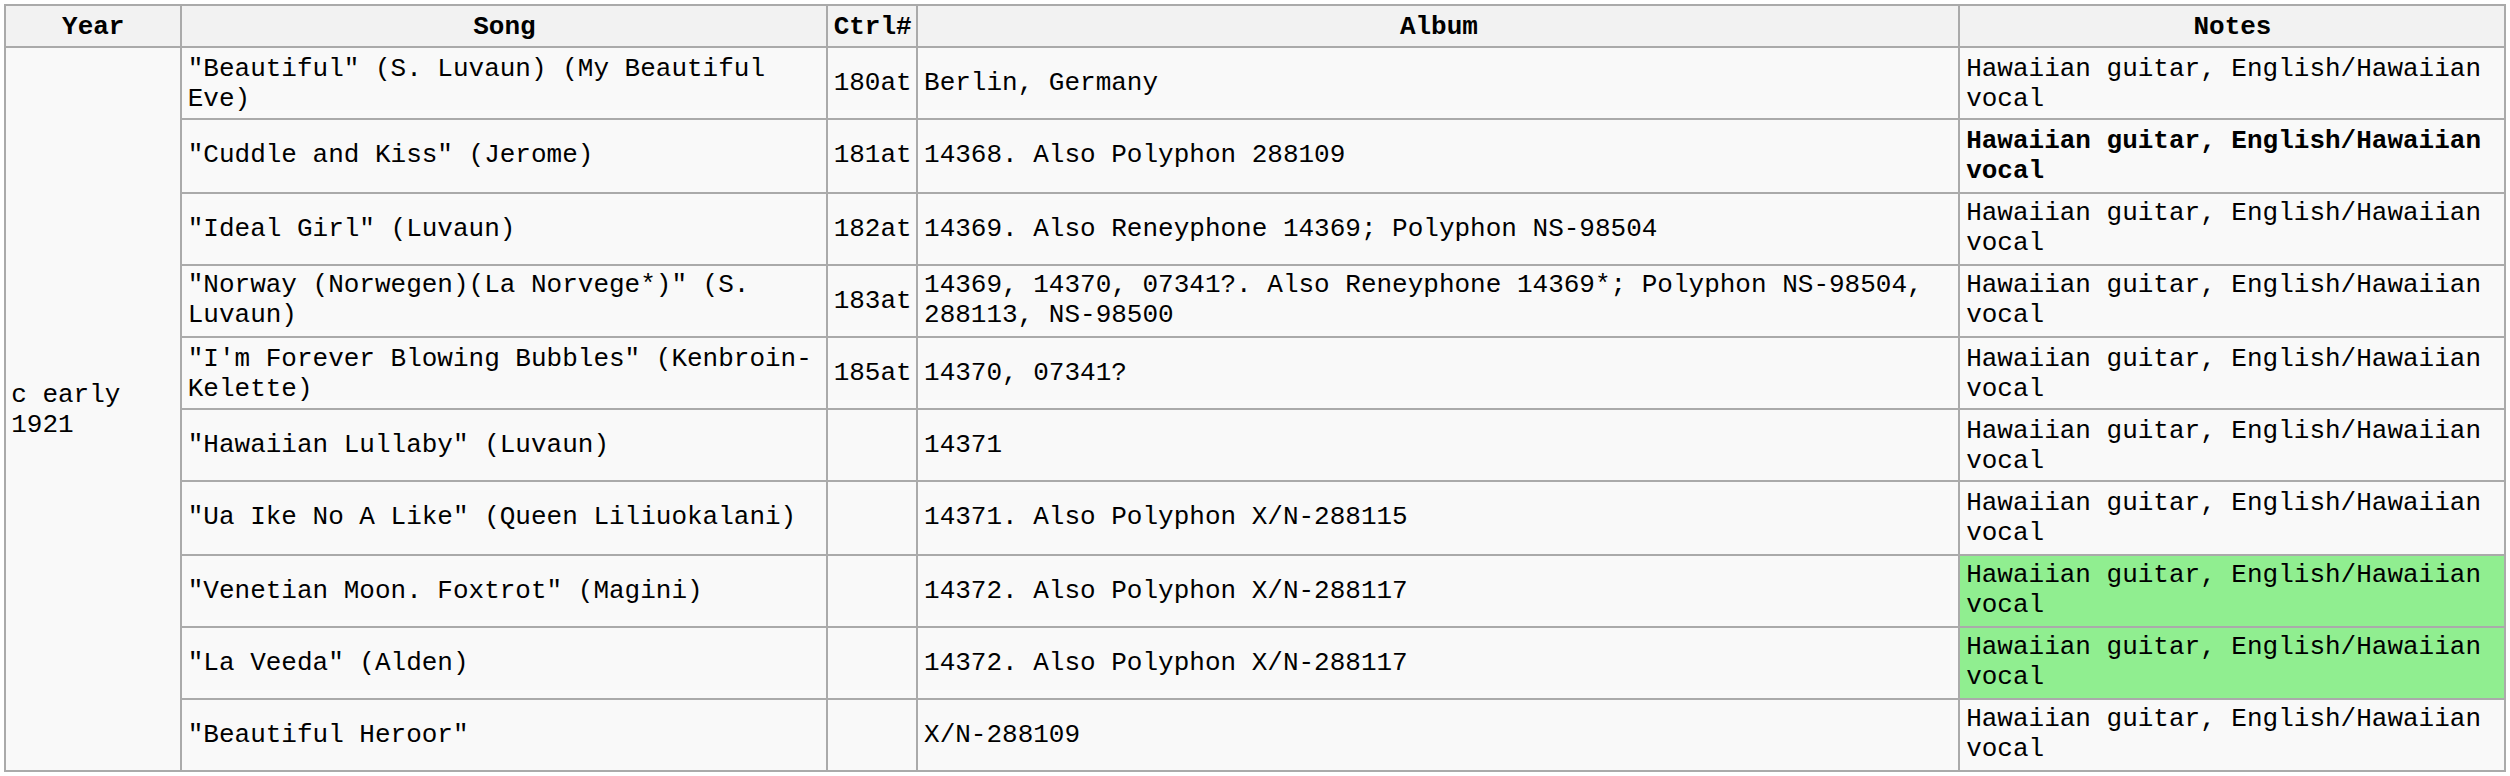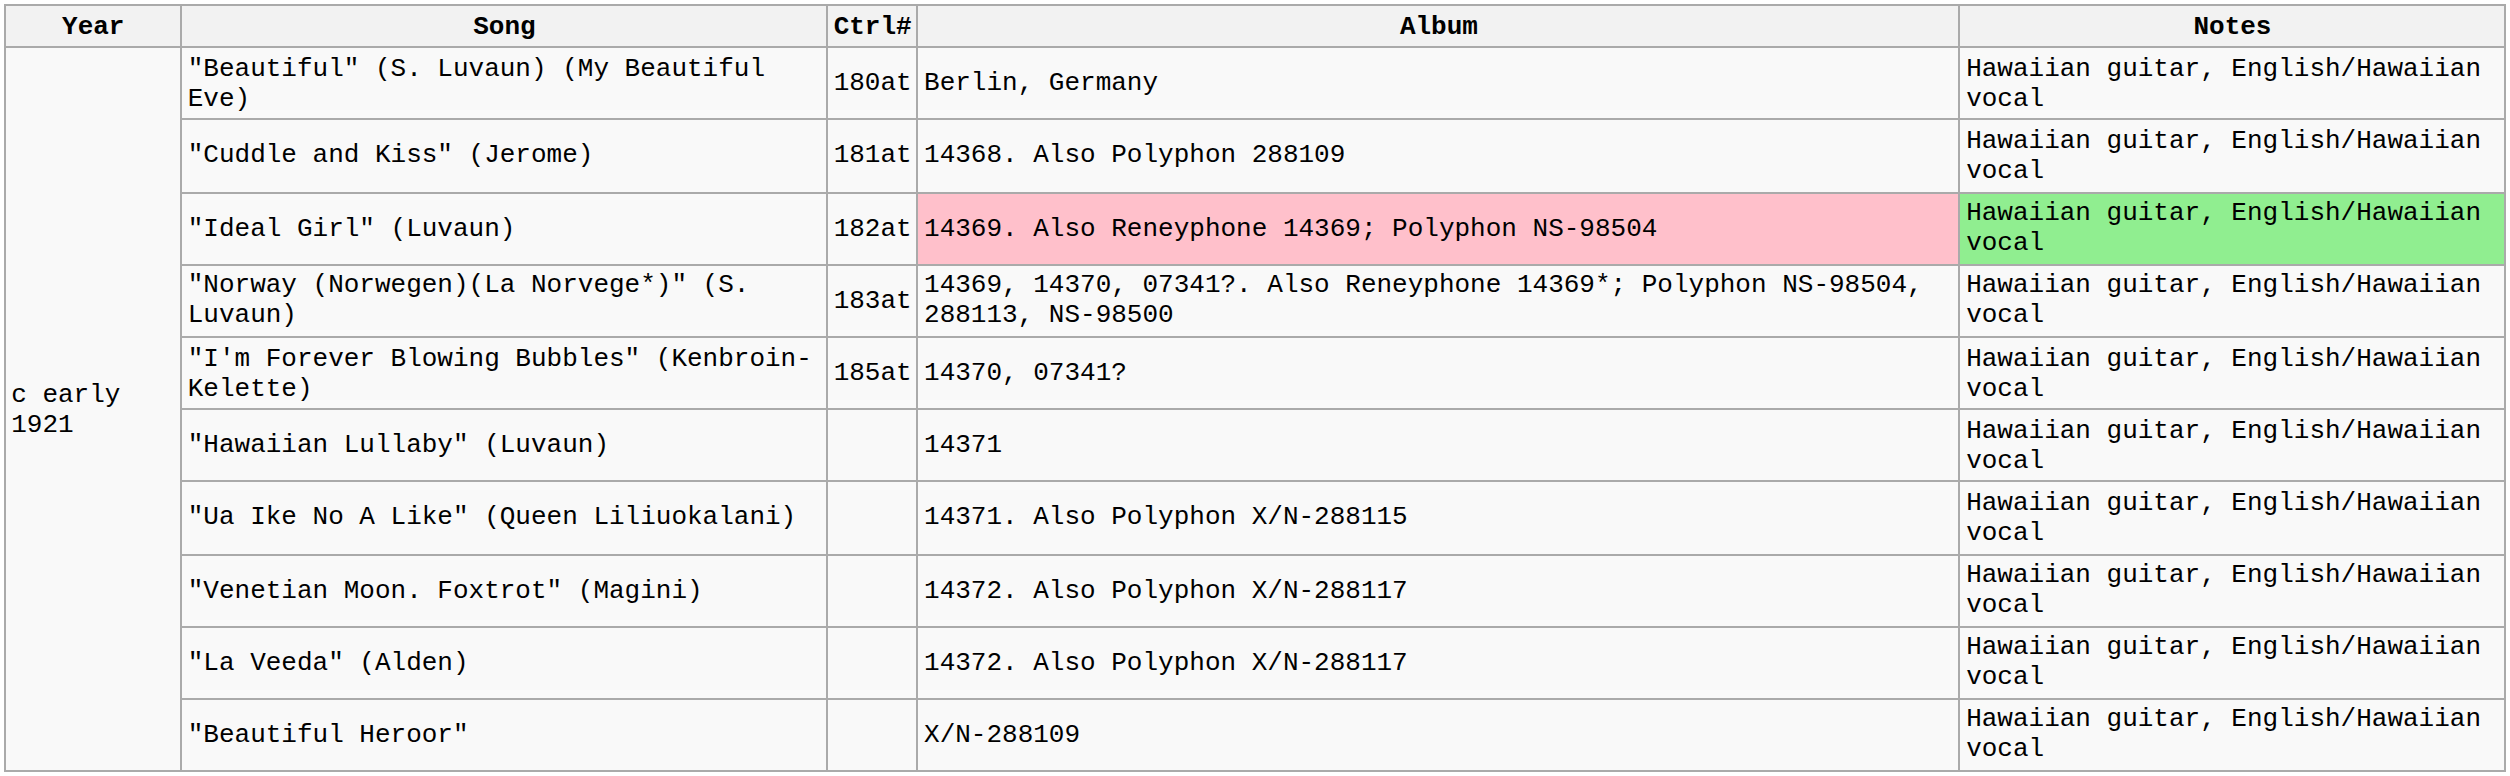 <table class="wikitable">
 <tr>
 <th>Year</th>
 <th>Song</th>
 <th>Ctrl#</th>
 <th>Album</th>
 <th>Notes</th>
 </tr>
 <tr>
 <td rowspan=10>c early 1921</td>
 <td>"Beautiful" (S. Luvaun) (My Beautiful Eve)</td>
 <td>180at</td>
 <td>Berlin, Germany</td>
 <td>Hawaiian guitar, English/Hawaiian vocal</td>
 </tr>
 <tr>
 <td>"Cuddle and Kiss" (Jerome)</td>
 <td>181at</td>
 <td>14368. Also Polyphon 288109</td>
-<td><strong>Hawaiian guitar, English/Hawaiian vocal</strong></td>
+<td>Hawaiian guitar, English/Hawaiian vocal</td>
 </tr>
 <tr>
 <td>"Ideal Girl" (Luvaun)</td>
 <td>182at</td>
-<td>14369. Also Reneyphone 14369; Polyphon NS-98504</td>
-<td>Hawaiian guitar, English/Hawaiian vocal</td>
+<td style="background: pink;">14369. Also Reneyphone 14369; Polyphon NS-98504</td>
+<td style="background: lightgreen;">Hawaiian guitar, English/Hawaiian vocal</td>
 </tr>
 <tr>
 <td>"Norway (Norwegen)(La Norvege*)" (S. Luvaun)</td>
 <td>183at</td>
 <td>14369, 14370, 07341?. Also Reneyphone 14369*; Polyphon NS-98504, 288113, NS-98500</td>
 <td>Hawaiian guitar, English/Hawaiian vocal</td>
 </tr>
 <tr>
 <td>"I'm Forever Blowing Bubbles" (Kenbroin-Kelette)</td>
 <td>185at</td>
 <td>14370, 07341?</td>
 <td>Hawaiian guitar, English/Hawaiian vocal</td>
 </tr>
 <tr>
 <td>"Hawaiian Lullaby" (Luvaun)</td>
 <td></td>
 <td>14371</td>
 <td>Hawaiian guitar, English/Hawaiian vocal</td>
 </tr>
 <tr>
 <td>"Ua Ike No A Like" (Queen Liliuokalani)</td>
 <td></td>
 <td>14371. Also Polyphon X/N-288115</td>
 <td>Hawaiian guitar, English/Hawaiian vocal</td>
 </tr>
 <tr>
 <td>"Venetian Moon. Foxtrot" (Magini)</td>
 <td></td>
 <td>14372. Also Polyphon X/N-288117</td>
-<td style="background: lightgreen;">Hawaiian guitar, English/Hawaiian vocal</td>
+<td>Hawaiian guitar, English/Hawaiian vocal</td>
 </tr>
 <tr>
 <td>"La Veeda" (Alden)</td>
 <td></td>
 <td>14372. Also Polyphon X/N-288117</td>
-<td style="background: lightgreen;">Hawaiian guitar, English/Hawaiian vocal</td>
+<td>Hawaiian guitar, English/Hawaiian vocal</td>
 </tr>
 <tr>
 <td>"Beautiful Heroor"</td>
 <td></td>
 <td>X/N-288109</td>
 <td>Hawaiian guitar, English/Hawaiian vocal</td>
 </tr>
 <tr>
 </tr>
 </table>
